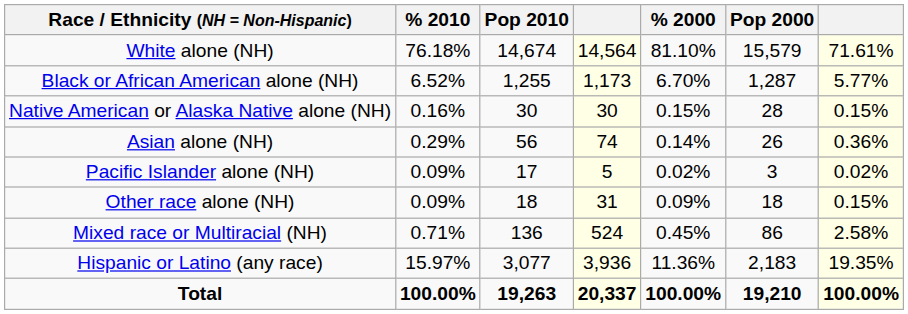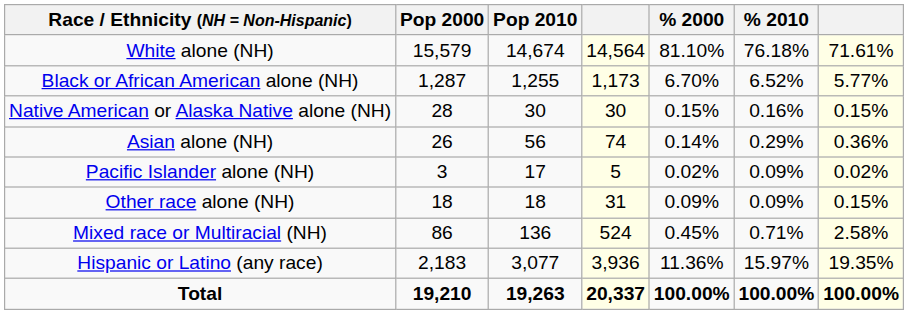 <table class="wikitable" style="text-align:center;">
 <tr>
 <th>Race / Ethnicity <small>(<em>NH = Non-Hispanic</em>)</small></th>
-<th>% 2010</th>
+<th>Pop 2000</th>
 <th>Pop 2010</th>
 <th></th>
 <th>% 2000</th>
-<th>Pop 2000</th>
+<th>% 2010</th>
 <th></th>
 </tr>
 <tr>
 <td><a href='#'>White</a> alone (NH)</td>
-<td>76.18%</td>
+<td>15,579</td>
 <td>14,674</td>
 <td style='background: #ffffe6;'>14,564</td>
 <td>81.10%</td>
-<td>15,579</td>
+<td>76.18%</td>
 <td style='background: #ffffe6;'>71.61%</td>
 </tr>
 <tr>
 <td><a href='#'>Black or African American</a> alone (NH)</td>
-<td>6.52%</td>
+<td>1,287</td>
 <td>1,255</td>
 <td style='background: #ffffe6;'>1,173</td>
 <td>6.70%</td>
-<td>1,287</td>
+<td>6.52%</td>
 <td style='background: #ffffe6;'>5.77%</td>
 </tr>
 <tr>
 <td><a href='#'>Native American</a> or <a href='#'>Alaska Native</a> alone (NH)</td>
-<td>0.16%</td>
+<td>28</td>
 <td>30</td>
 <td style='background: #ffffe6;'>30</td>
 <td>0.15%</td>
-<td>28</td>
+<td>0.16%</td>
 <td style='background: #ffffe6;'>0.15%</td>
 </tr>
 <tr>
 <td><a href='#'>Asian</a> alone (NH)</td>
-<td>0.29%</td>
+<td>26</td>
 <td>56</td>
 <td style='background: #ffffe6;'>74</td>
 <td>0.14%</td>
-<td>26</td>
+<td>0.29%</td>
 <td style='background: #ffffe6;'>0.36%</td>
 </tr>
 <tr>
 <td><a href='#'>Pacific Islander</a> alone (NH)</td>
-<td>0.09%</td>
+<td>3</td>
 <td>17</td>
 <td style='background: #ffffe6;'>5</td>
 <td>0.02%</td>
-<td>3</td>
+<td>0.09%</td>
 <td style='background: #ffffe6;'>0.02%</td>
 </tr>
 <tr>
 <td><a href='#'>Other race</a> alone (NH)</td>
-<td>0.09%</td>
+<td>18</td>
 <td>18</td>
 <td style='background: #ffffe6;'>31</td>
 <td>0.09%</td>
-<td>18</td>
+<td>0.09%</td>
 <td style='background: #ffffe6;'>0.15%</td>
 </tr>
 <tr>
 <td><a href='#'>Mixed race or Multiracial</a> (NH)</td>
-<td>0.71%</td>
+<td>86</td>
 <td>136</td>
 <td style='background: #ffffe6;'>524</td>
 <td>0.45%</td>
-<td>86</td>
+<td>0.71%</td>
 <td style='background: #ffffe6;'>2.58%</td>
 </tr>
 <tr>
 <td><a href='#'>Hispanic or Latino</a> (any race)</td>
-<td>15.97%</td>
+<td>2,183</td>
 <td>3,077</td>
 <td style='background: #ffffe6;'>3,936</td>
 <td>11.36%</td>
-<td>2,183</td>
+<td>15.97%</td>
 <td style='background: #ffffe6;'>19.35%</td>
 </tr>
 <tr>
 <td><strong>Total</strong></td>
-<td><strong>100.00%</strong></td>
+<td><strong>19,210</strong></td>
 <td><strong>19,263</strong></td>
 <td style='background: #ffffe6;'><strong>20,337</strong></td>
 <td><strong>100.00%</strong></td>
-<td><strong>19,210</strong></td>
+<td><strong>100.00%</strong></td>
 <td style='background: #ffffe6;'><strong>100.00%</strong></td>
 </tr>
 </table>
